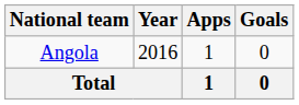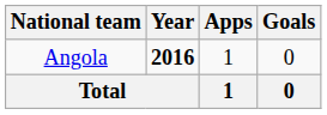 <table class="wikitable" style="text-align:center">
 <tr>
 <th>National team</th>
 <th>Year</th>
 <th>Apps</th>
 <th>Goals</th>
 </tr>
 <tr>
 <td><a href='#'>Angola</a></td>
-<td>2016</td>
+<td><strong>2016</strong></td>
 <td>1</td>
 <td>0</td>
 </tr>
 <tr>
 <th colspan=2>Total</th>
 <th>1</th>
 <th>0</th>
 </tr>
 </table>
